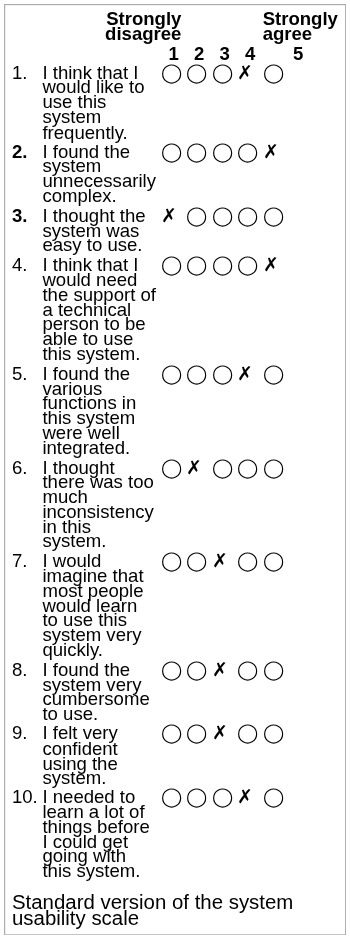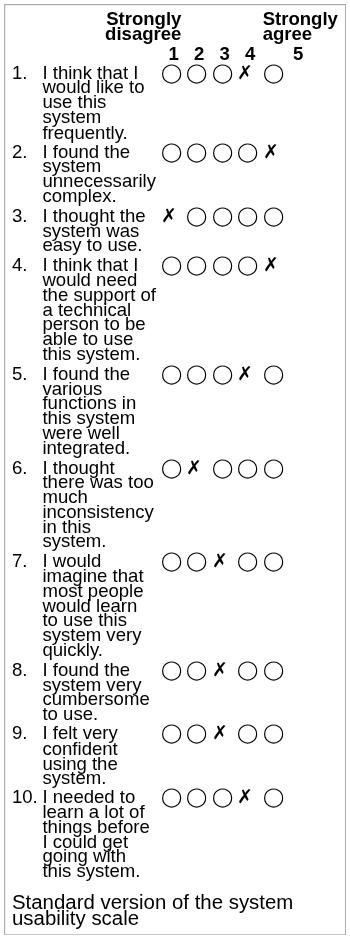 <table class="infobox" style="width:250px;line-height:0.8;background:none;">
 <tr>
 <th colspan="3" style="text-align:right;">Strongly<br>disagree</th>
 <th colspan="3"></th>
 <th colspan="2" style="text-align:left;">Strongly<br>agree</th>
 </tr>
 <tr>
 <th colspan="2"></th>
 <th> 1</th>
 <th> 2</th>
 <th> 3</th>
 <th> 4</th>
 <th> 5</th>
 </tr>
 <tr>
 <td>1.</td>
 <td>I think that I would like to use this system frequently.</td>
 <td>◯</td>
 <td>◯</td>
 <td>◯</td>
 <td>✗</td>
 <td>◯</td>
 </tr>
 <tr>
-<td><strong>2.</strong></td>
+<td>2.</td>
 <td>I found the system unnecessarily complex.</td>
 <td>◯</td>
 <td>◯</td>
 <td>◯</td>
 <td>◯</td>
 <td>✗</td>
 </tr>
 <tr>
-<td><strong>3.</strong></td>
+<td>3.</td>
 <td>I thought the system was easy to use.</td>
 <td>✗</td>
 <td>◯</td>
 <td>◯</td>
 <td>◯</td>
 <td>◯</td>
 </tr>
 <tr>
 <td>4.</td>
 <td>I think that I would need the support of a technical person to be able to use this system.</td>
 <td>◯</td>
 <td>◯</td>
 <td>◯</td>
 <td>◯</td>
 <td>✗</td>
 <td></td>
 </tr>
 <tr>
 <td>5.</td>
 <td>I found the various functions in this system were well integrated.</td>
 <td>◯</td>
 <td>◯</td>
 <td>◯</td>
 <td>✗</td>
 <td>◯</td>
 </tr>
 <tr>
 <td>6.</td>
 <td>I thought there was too much inconsistency in this system.</td>
 <td>◯</td>
 <td>✗</td>
 <td>◯</td>
 <td>◯</td>
 <td>◯</td>
 </tr>
 <tr>
 <td>7.</td>
 <td>I would imagine that most people would learn to use this system very quickly.</td>
 <td>◯</td>
 <td>◯</td>
 <td>✗</td>
 <td>◯</td>
 <td>◯</td>
 </tr>
 <tr>
 <td>8.</td>
 <td>I found the system very cumbersome to use.</td>
 <td>◯</td>
 <td>◯</td>
 <td>✗</td>
 <td>◯</td>
 <td>◯</td>
 </tr>
 <tr>
 <td>9.</td>
 <td>I felt very confident using the system.</td>
 <td>◯</td>
 <td>◯</td>
 <td>✗</td>
 <td>◯</td>
 <td>◯</td>
 </tr>
 <tr>
 <td>10.</td>
 <td>I needed to learn a lot of things before I could get going with this system.</td>
 <td>◯</td>
 <td>◯</td>
 <td>◯</td>
 <td>✗</td>
 <td>◯</td>
 </tr>
 <tr>
 <td colspan="7" style="font-size:110%;padding-top:1ex;">Standard version of the system usability scale</td>
 </tr>
 </table>
